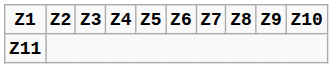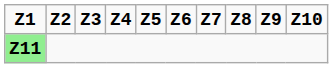 <table class="wikitable" style="text-align: center;">
 <tr valign="top">
 <td><strong>Z1</strong><br></td>
 <td><strong>Z2</strong><br></td>
 <td><strong>Z3</strong><br></td>
 <td><strong>Z4</strong><br></td>
 <td><strong>Z5</strong><br></td>
 <td><strong>Z6</strong><br></td>
 <td><strong>Z7</strong><br></td>
 <td><strong>Z8</strong><br></td>
 <td><strong>Z9</strong><br></td>
 <td><strong>Z10</strong><br></td>
 </tr>
 <tr valign="top">
-<td><strong>Z11</strong><br></td>
+<td style="background: lightgreen;"><strong>Z11</strong><br></td>
 </tr>
 </table>
